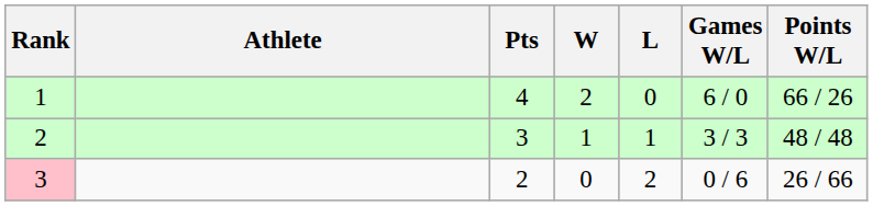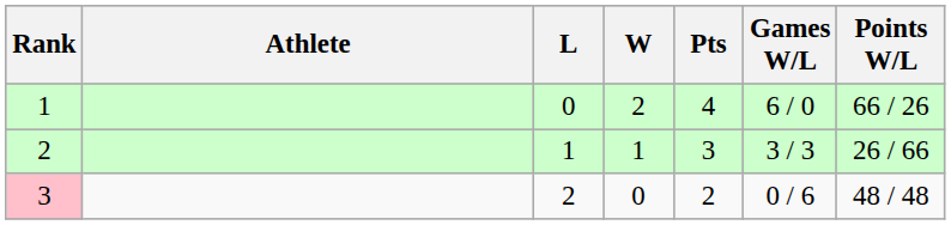 <table class="wikitable" style="text-align: center; font-size:90% ">
 <tr>
 <th width="20">Rank</th>
 <th width="230">Athlete</th>
+<th width="30">L</th>
+<th width="30">W</th>
 <th width="30">Pts</th>
-<th width="30">W</th>
-<th width="30">L</th>
 <th width="40">Games<br>W/L</th>
 <th width="50">Points<br>W/L</th>
 </tr>
 <tr bgcolor=#ccffcc>
 <td>1</td>
 <td align=left></td>
+<td>0</td>
+<td>2</td>
 <td>4</td>
-<td>2</td>
-<td>0</td>
 <td>6 / 0</td>
 <td>66 / 26</td>
 </tr>
 <tr bgcolor=#ccffcc>
 <td>2</td>
 <td align=left></td>
-<td>3</td>
 <td>1</td>
 <td>1</td>
+<td>3</td>
 <td>3 / 3</td>
-<td>48 / 48</td>
+<td>26 / 66</td>
 </tr>
 <tr>
 <td style="background: pink;">3</td>
 <td align=left></td>
 <td>2</td>
 <td>0</td>
 <td>2</td>
 <td>0 / 6</td>
-<td>26 / 66</td>
+<td>48 / 48</td>
 </tr>
 </table>
